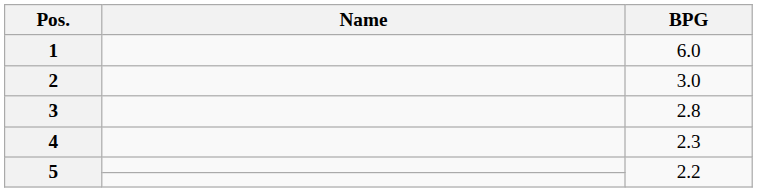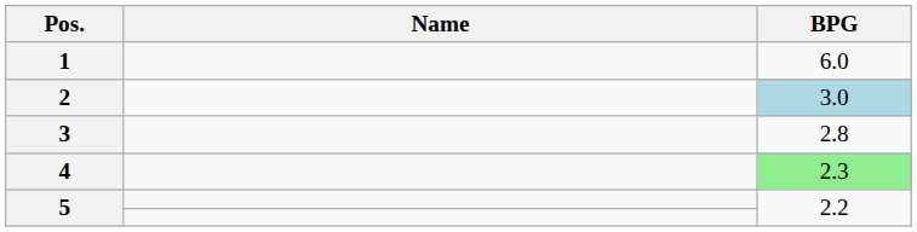 <table class=wikitable width=100% style="text-align:center;">
 <tr>
 <th width="13%">Pos.</th>
 <th width="70%">Name</th>
 <th width="17%">BPG</th>
 </tr>
 <tr>
 <th>1</th>
 <td align=left></td>
 <td>6.0</td>
 </tr>
 <tr>
 <th>2</th>
 <td align=left></td>
-<td>3.0</td>
+<td style="background: lightblue;">3.0</td>
 </tr>
 <tr>
 <th>3</th>
 <td align=left></td>
 <td>2.8</td>
 </tr>
 <tr>
 <th>4</th>
 <td align=left></td>
-<td>2.3</td>
+<td style="background: lightgreen;">2.3</td>
 </tr>
 <tr>
 <th rowspan=2>5</th>
 <td align=left></td>
 <td rowspan=2>2.2</td>
 </tr>
 <tr>
 <td align=left></td>
 </tr>
 </table>
